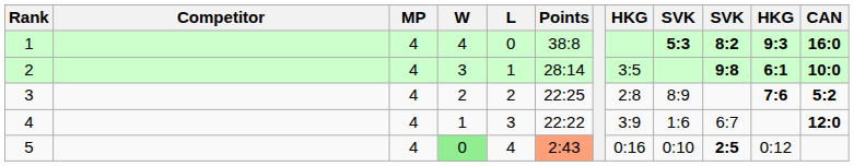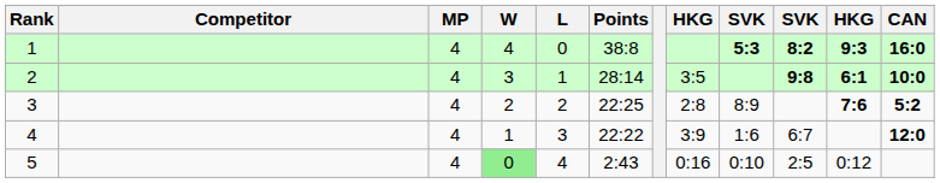 <table class="wikitable" style="text-align:center">
 <tr>
 <th>Rank</th>
 <th style="width:20em">Competitor</th>
 <th style="width:2.5em">MP</th>
 <th style="width:2.5em">W</th>
 <th style="width:2.5em">L</th>
 <th>Points</th>
 <th rowspan="6"> </th>
 <th style="width:2.5em">HKG</th>
 <th style="width:2.5em">SVK</th>
 <th style="width:2.5em">SVK</th>
 <th style="width:2.5em">HKG</th>
 <th style="width:2.5em">CAN</th>
 </tr>
 <tr style="background:#cfc;">
 <td>1</td>
 <td style="text-align:left"></td>
 <td>4</td>
 <td>4</td>
 <td>0</td>
 <td>38:8</td>
 <td></td>
 <td><strong>5:3</strong></td>
 <td><strong>8:2</strong></td>
 <td><strong>9:3</strong></td>
 <td><strong>16:0</strong></td>
 </tr>
 <tr style="background:#cfc;">
 <td>2</td>
 <td style="text-align:left"></td>
 <td>4</td>
 <td>3</td>
 <td>1</td>
 <td>28:14</td>
 <td>3:5</td>
 <td></td>
 <td><strong>9:8</strong></td>
 <td><strong>6:1</strong></td>
 <td><strong>10:0</strong></td>
 </tr>
 <tr>
 <td>3</td>
 <td style="text-align:left"></td>
 <td>4</td>
 <td>2</td>
 <td>2</td>
 <td>22:25</td>
 <td>2:8</td>
 <td>8:9</td>
 <td></td>
 <td><strong>7:6</strong></td>
 <td><strong>5:2</strong></td>
 </tr>
 <tr>
 <td>4</td>
 <td style="text-align:left"></td>
 <td>4</td>
 <td>1</td>
 <td>3</td>
 <td>22:22</td>
 <td>3:9</td>
 <td>1:6</td>
 <td>6:7</td>
 <td></td>
 <td><strong>12:0</strong></td>
 </tr>
 <tr>
 <td>5</td>
 <td style="text-align:left"></td>
 <td>4</td>
 <td style="background: lightgreen;">0</td>
 <td>4</td>
-<td style="background: lightsalmon;">2:43</td>
+<td>2:43</td>
 <td>0:16</td>
 <td>0:10</td>
-<td><strong>2:5</strong></td>
+<td>2:5</td>
 <td>0:12</td>
 <td></td>
 </tr>
 </table>
